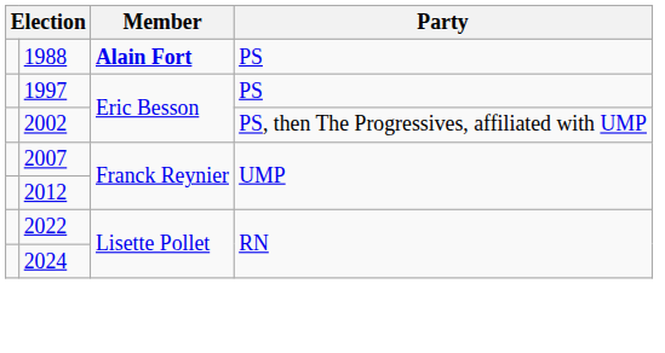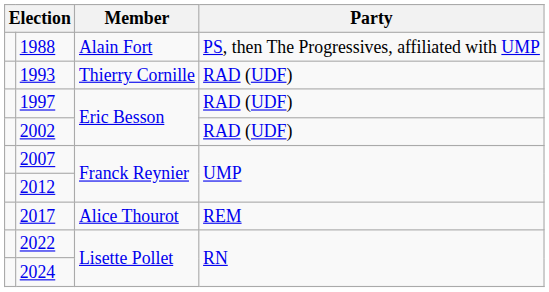 <table class="wikitable">
 <tr>
 <th colspan="2">Election</th>
 <th>Member</th>
 <th>Party</th>
 </tr>
 <tr>
 <td style="color:inherit;background-color: "></td>
 <td><a href='#'>1988</a></td>
-<td><strong><a href='#'>Alain Fort</a></strong></td>
-<td><a href='#'>PS</a></td>
+<td><a href='#'>Alain Fort</a></td>
+<td><a href='#'>PS</a>, then The Progressives, affiliated with <a href='#'>UMP</a></td>
+</tr>
+<tr>
+<td style="color:inherit;background-color: "></td>
+<td><a href='#'>1993</a></td>
+<td><a href='#'>Thierry Cornille</a></td>
+<td><a href='#'>RAD</a> (<a href='#'>UDF</a>)</td>
 </tr>
 <tr>
 <td style="color:inherit;background-color: "></td>
 <td><a href='#'>1997</a></td>
 <td rowspan="2"><a href='#'>Eric Besson</a></td>
-<td><a href='#'>PS</a></td>
+<td><a href='#'>RAD</a> (<a href='#'>UDF</a>)</td>
 </tr>
 <tr>
 <td style="color:inherit;background-color: "></td>
 <td><a href='#'>2002</a></td>
-<td><a href='#'>PS</a>, then The Progressives, affiliated with <a href='#'>UMP</a></td>
+<td><a href='#'>RAD</a> (<a href='#'>UDF</a>)</td>
 </tr>
 <tr>
 <td style="color:inherit;background-color: "></td>
 <td><a href='#'>2007</a></td>
 <td rowspan="2"><a href='#'>Franck Reynier</a></td>
 <td rowspan="2"><a href='#'>UMP</a></td>
 </tr>
 <tr>
 <td style="color:inherit;background-color: "></td>
 <td><a href='#'>2012</a></td>
 </tr>
 <tr>
 <td style="color:inherit;background-color: "></td>
+<td><a href='#'>2017</a></td>
+<td><a href='#'>Alice Thourot</a></td>
+<td><a href='#'>REM</a></td>
+</tr>
+<tr>
+<td style="color:inherit;background-color: "></td>
 <td><a href='#'>2022</a></td>
 <td rowspan="2"><a href='#'>Lisette Pollet</a></td>
 <td rowspan="2"><a href='#'>RN</a></td>
 </tr>
 <tr>
 <td style="color:inherit;background-color: "></td>
 <td><a href='#'>2024</a></td>
 </tr>
 </table>
